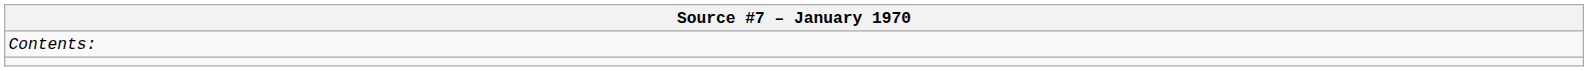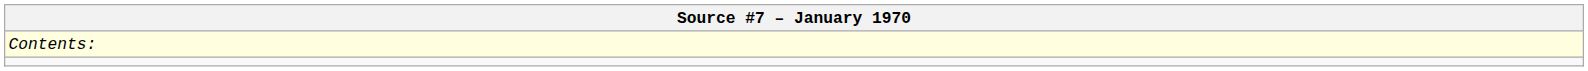 <table class="wikitable" style="width:100%;">
 <tr>
 <th><strong>Source #7</strong> – January 1970</th>
 </tr>
 <tr>
-<td><em>Contents:</em></td>
+<td style="background: lightyellow;"><em>Contents:</em></td>
 </tr>
 <tr>
 <td></td>
 </tr>
 </table>
